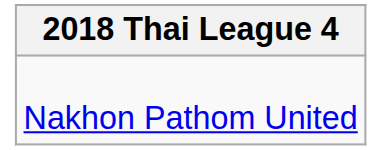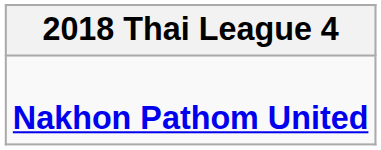 <table class=wikitable style="text-align:center; margin:auto">
 <tr>
 <th>2018 Thai League 4</th>
 </tr>
 <tr>
-<td><br><a href='#'>Nakhon Pathom United</a><br></td>
+<td><strong><br><a href='#'>Nakhon Pathom United</a><br></strong></td>
 </tr>
 </table>
